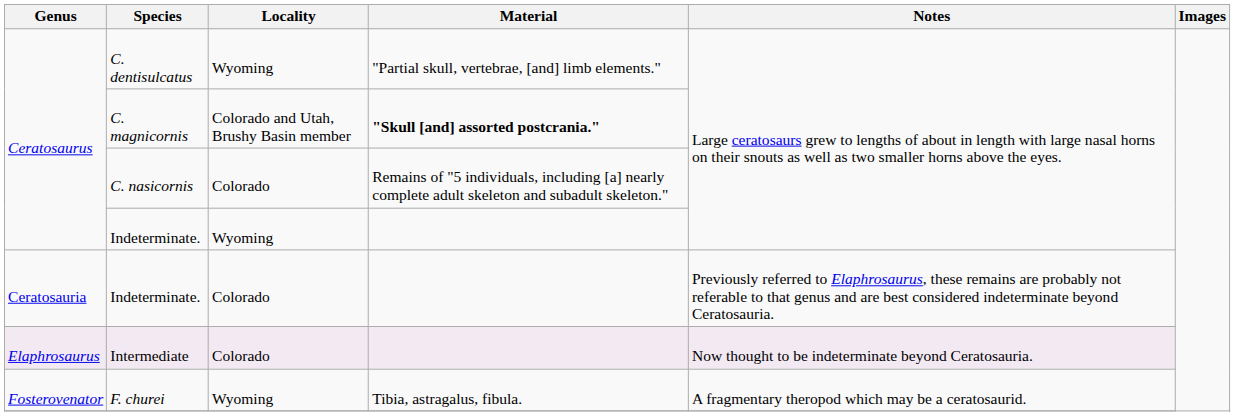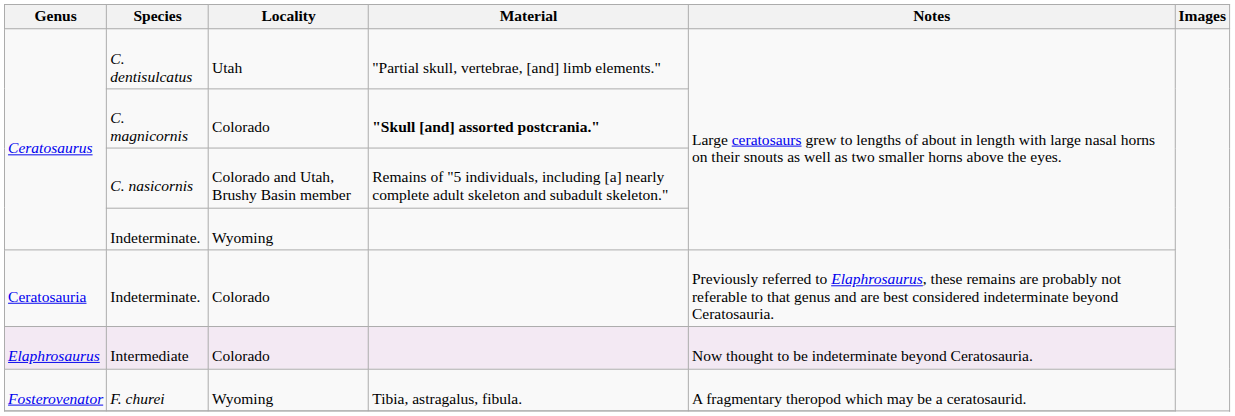 <table class="wikitable" align="center" width="100%">
 <tr>
 <th>Genus</th>
 <th>Species</th>
 <th>Locality</th>
 <th>Material</th>
 <th>Notes</th>
 <th>Images</th>
 </tr>
 <tr>
 <td rowspan=4><br><em><a href='#'>Ceratosaurus</a></em></td>
 <td><br><em>C. dentisulcatus</em></td>
-<td><br>Wyoming</td>
+<td><br>Utah</td>
 <td><br>"Partial skull, vertebrae, [and] limb elements."</td>
 <td rowspan=4><br>Large <a href='#'>ceratosaurs</a> grew to lengths of about  in length with large nasal horns on their snouts as well as two smaller horns above the eyes.</td>
 <td rowspan="34"><br> </td>
 </tr>
 <tr>
 <td><br><em>C. magnicornis</em></td>
-<td><br>Colorado and Utah, Brushy Basin member</td>
+<td><br>Colorado</td>
 <td><strong><br>"Skull [and] assorted postcrania."</strong></td>
 </tr>
 <tr>
 <td><br><em>C. nasicornis</em></td>
-<td><br>Colorado</td>
+<td><br>Colorado and Utah, Brushy Basin member</td>
 <td><br>Remains of "5 individuals, including [a] nearly complete adult skeleton and subadult skeleton."</td>
 </tr>
 <tr>
 <td><br>Indeterminate.</td>
 <td><br>Wyoming</td>
 <td></td>
 </tr>
 <tr>
 <td><br><a href='#'>Ceratosauria</a></td>
 <td><br>Indeterminate.</td>
 <td><br>Colorado</td>
 <td></td>
 <td><br>Previously referred to <em><a href='#'>Elaphrosaurus</a></em>, these remains are probably not referable to that genus and are best considered indeterminate beyond Ceratosauria.</td>
 </tr>
 <tr>
 <td style="background:#f3e9f3;"><br><em><a href='#'>Elaphrosaurus</a></em></td>
 <td style="background:#f3e9f3;"><br>Intermediate</td>
 <td style="background:#f3e9f3;"><br>Colorado</td>
 <td style="background:#f3e9f3;"></td>
 <td style="background:#f3e9f3;"><br>Now thought to be indeterminate beyond Ceratosauria.</td>
 </tr>
 <tr>
 <td><br><em><a href='#'>Fosterovenator</a></em></td>
 <td><br><em>F. churei</em></td>
 <td><br>Wyoming</td>
 <td><br>Tibia, astragalus, fibula.</td>
 <td><br>A fragmentary theropod which may be a ceratosaurid.</td>
 </tr>
 <tr>
 </tr>
 </table>
